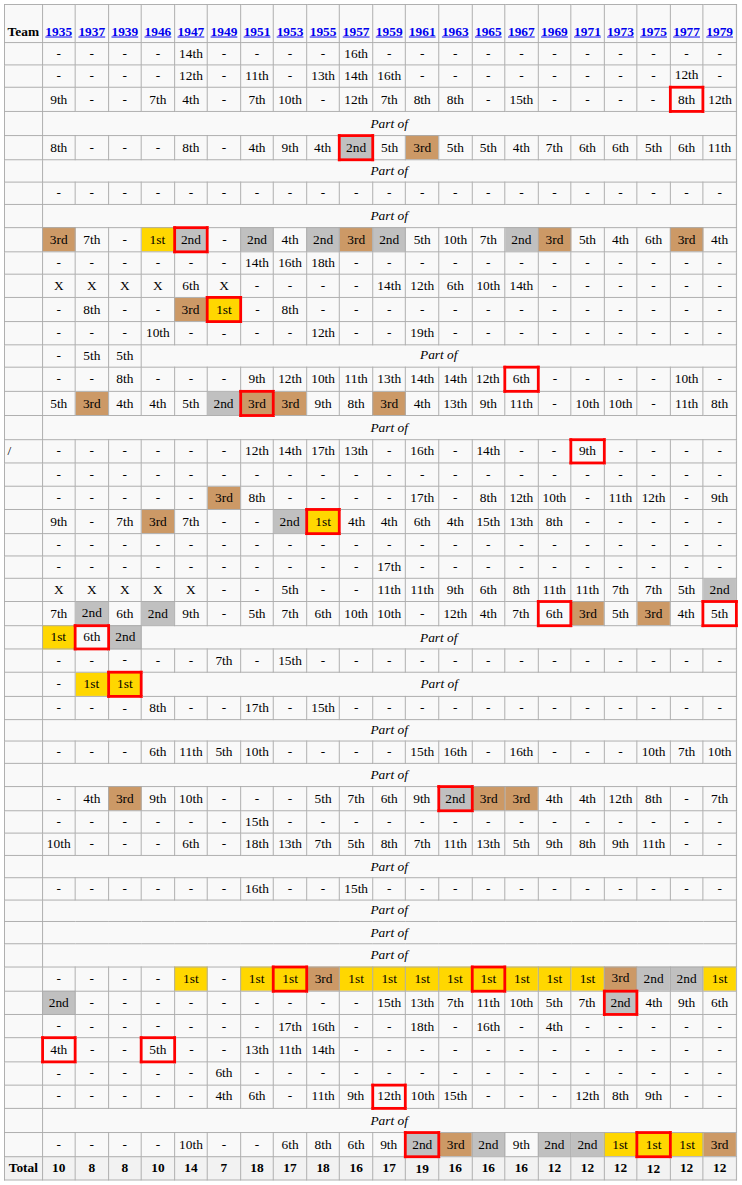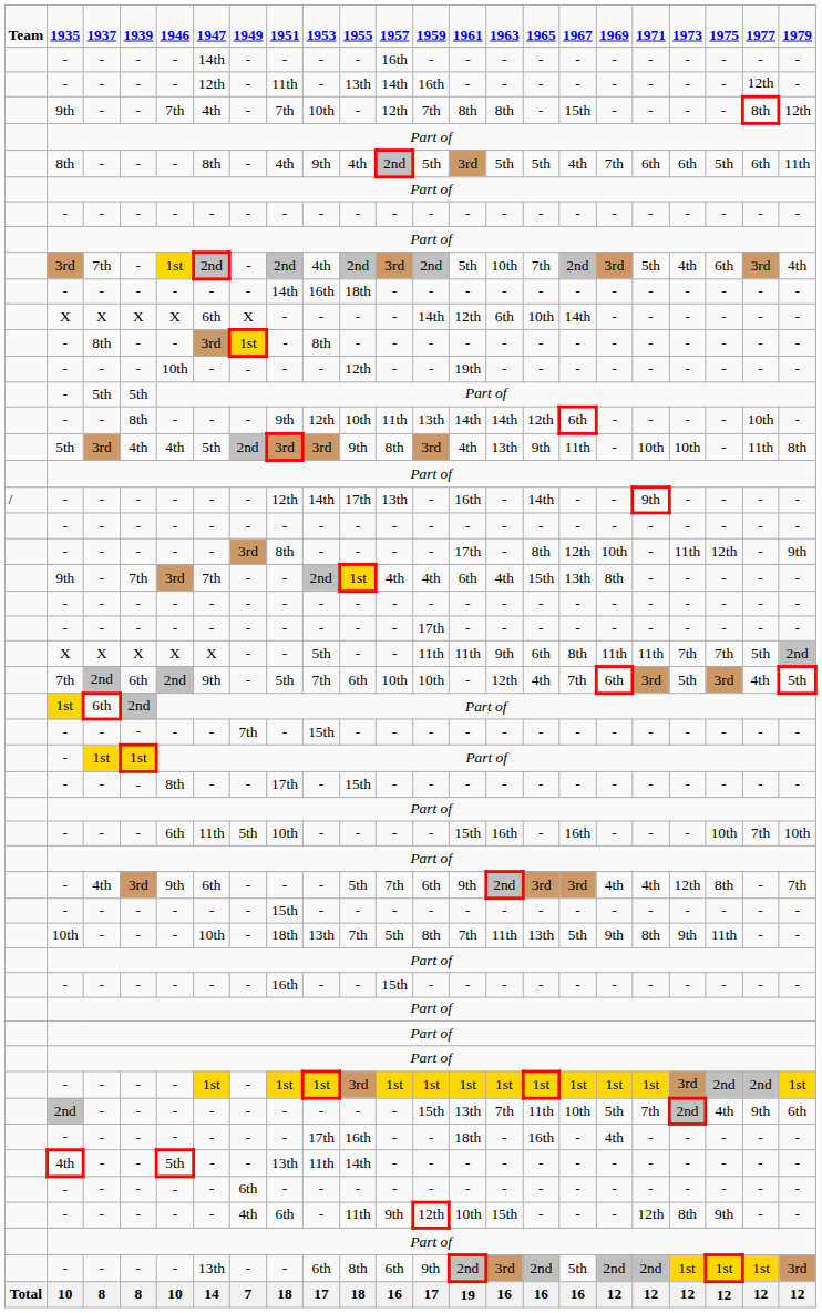 <table class="wikitable" style="text-align:center; font-size:90%">
 <tr valign=bottom>
 <td><strong>Team</strong></td>
 <td><strong><br><a href='#'>1935</a></strong></td>
 <td><strong><br><a href='#'>1937</a></strong></td>
 <td><strong><br><a href='#'>1939</a></strong></td>
 <td><strong><br><a href='#'>1946</a></strong></td>
 <td><strong><br><a href='#'>1947</a></strong></td>
 <td><strong><br><a href='#'>1949</a></strong></td>
 <td><strong><br><a href='#'>1951</a></strong></td>
 <td><strong><br><a href='#'>1953</a></strong></td>
 <td><strong><br><a href='#'>1955</a></strong></td>
 <td><strong><br><a href='#'>1957</a></strong></td>
 <td><strong><br><a href='#'>1959</a></strong></td>
 <td><strong><br><a href='#'>1961</a></strong></td>
 <td><strong><br><a href='#'>1963</a></strong></td>
 <td><strong><br><a href='#'>1965</a></strong></td>
 <td><strong><br><a href='#'>1967</a></strong></td>
 <td><strong><br><a href='#'>1969</a></strong></td>
 <td><strong><br><a href='#'>1971</a></strong></td>
 <td><strong><br><a href='#'>1973</a></strong></td>
 <td><strong><br><a href='#'>1975</a></strong></td>
 <td><strong><br><a href='#'>1977</a></strong></td>
 <td><strong><br><a href='#'>1979</a></strong></td>
 </tr>
 <tr>
 <td align=left></td>
 <td>-</td>
 <td>-</td>
 <td>-</td>
 <td>-</td>
 <td>14th</td>
 <td>-</td>
 <td>-</td>
 <td>-</td>
 <td>-</td>
 <td>16th</td>
 <td>-</td>
 <td>-</td>
 <td>-</td>
 <td>-</td>
 <td>-</td>
 <td>-</td>
 <td>-</td>
 <td>-</td>
 <td>-</td>
 <td>-</td>
 <td>-</td>
 </tr>
 <tr>
 <td align=left></td>
 <td>-</td>
 <td>-</td>
 <td>-</td>
 <td>-</td>
 <td>12th</td>
 <td>-</td>
 <td>11th</td>
 <td>-</td>
 <td>13th</td>
 <td>14th</td>
 <td>16th</td>
 <td>-</td>
 <td>-</td>
 <td>-</td>
 <td>-</td>
 <td>-</td>
 <td>-</td>
 <td>-</td>
 <td>-</td>
 <td>12th</td>
 <td>-</td>
 </tr>
 <tr>
 <td align=left></td>
 <td>9th</td>
 <td>-</td>
 <td>-</td>
 <td>7th</td>
 <td>4th</td>
 <td>-</td>
 <td>7th</td>
 <td>10th</td>
 <td>-</td>
 <td>12th</td>
 <td>7th</td>
 <td>8th</td>
 <td>8th</td>
 <td>-</td>
 <td>15th</td>
 <td>-</td>
 <td>-</td>
 <td>-</td>
 <td>-</td>
 <td style="border: 3px solid red">8th</td>
 <td>12th</td>
 </tr>
 <tr>
 <td align=left></td>
 <td colspan="21" style="text-align:center;"><em>Part of </em></td>
 </tr>
 <tr>
 <td align=left></td>
 <td>8th</td>
 <td>-</td>
 <td>-</td>
 <td>-</td>
 <td>8th</td>
 <td>-</td>
 <td>4th</td>
 <td>9th</td>
 <td>4th</td>
 <td style="border:3px solid red; background:silver;">2nd</td>
 <td>5th</td>
 <td style="background:#c96;">3rd</td>
 <td>5th</td>
 <td>5th</td>
 <td>4th</td>
 <td>7th</td>
 <td>6th</td>
 <td>6th</td>
 <td>5th</td>
 <td>6th</td>
 <td>11th</td>
 </tr>
 <tr>
 <td align=left></td>
 <td colspan="21" style="text-align:center;"><em>Part of </em></td>
 </tr>
 <tr>
 <td align=left></td>
 <td>-</td>
 <td>-</td>
 <td>-</td>
 <td>-</td>
 <td>-</td>
 <td>-</td>
 <td>-</td>
 <td>-</td>
 <td>-</td>
 <td>-</td>
 <td>-</td>
 <td>-</td>
 <td>-</td>
 <td>-</td>
 <td>-</td>
 <td>-</td>
 <td>-</td>
 <td>-</td>
 <td>-</td>
 <td>-</td>
 <td>-</td>
 </tr>
 <tr>
 <td align=left></td>
 <td colspan="21" style="text-align:center;"><em>Part of </em></td>
 </tr>
 <tr>
 <td align=left></td>
 <td style="background:#c96;">3rd</td>
 <td>7th</td>
 <td>-</td>
 <td bgcolor=gold>1st</td>
 <td style="border:3px solid red; background:silver;">2nd</td>
 <td>-</td>
 <td style="background:silver;">2nd</td>
 <td>4th</td>
 <td style="background:silver;">2nd</td>
 <td style="background:#c96;">3rd</td>
 <td style="background:silver;">2nd</td>
 <td>5th</td>
 <td>10th</td>
 <td>7th</td>
 <td style="background:silver;">2nd</td>
 <td style="background:#c96;">3rd</td>
 <td>5th</td>
 <td>4th</td>
 <td>6th</td>
 <td style="background:#c96;">3rd</td>
 <td>4th</td>
 </tr>
 <tr>
 <td align=left></td>
 <td>-</td>
 <td>-</td>
 <td>-</td>
 <td>-</td>
 <td>-</td>
 <td>-</td>
 <td>14th</td>
 <td>16th</td>
 <td>18th</td>
 <td>-</td>
 <td>-</td>
 <td>-</td>
 <td>-</td>
 <td>-</td>
 <td>-</td>
 <td>-</td>
 <td>-</td>
 <td>-</td>
 <td>-</td>
 <td>-</td>
 <td>-</td>
 </tr>
 <tr>
 <td align=left></td>
 <td>X</td>
 <td>X</td>
 <td>X</td>
 <td>X</td>
 <td>6th</td>
 <td>X</td>
 <td>-</td>
 <td>-</td>
 <td>-</td>
 <td>-</td>
 <td>14th</td>
 <td>12th</td>
 <td>6th</td>
 <td>10th</td>
 <td>14th</td>
 <td>-</td>
 <td>-</td>
 <td>-</td>
 <td>-</td>
 <td>-</td>
 <td>-</td>
 </tr>
 <tr>
 <td align=left></td>
 <td>-</td>
 <td>8th</td>
 <td>-</td>
 <td>-</td>
 <td style="background:#c96;">3rd</td>
 <td style="border:3px solid red; background:gold;">1st</td>
 <td>-</td>
 <td>8th</td>
 <td>-</td>
 <td>-</td>
 <td>-</td>
 <td>-</td>
 <td>-</td>
 <td>-</td>
 <td>-</td>
 <td>-</td>
 <td>-</td>
 <td>-</td>
 <td>-</td>
 <td>-</td>
 <td>-</td>
 </tr>
 <tr>
 <td align=left></td>
 <td>-</td>
 <td>-</td>
 <td>-</td>
 <td>10th</td>
 <td>-</td>
 <td>-</td>
 <td>-</td>
 <td>-</td>
 <td>12th</td>
 <td>-</td>
 <td>-</td>
 <td>19th</td>
 <td>-</td>
 <td>-</td>
 <td>-</td>
 <td>-</td>
 <td>-</td>
 <td>-</td>
 <td>-</td>
 <td>-</td>
 <td>-</td>
 </tr>
 <tr>
 <td align=left></td>
 <td>-</td>
 <td>5th</td>
 <td>5th</td>
 <td colspan=18><em>Part of </em></td>
 </tr>
 <tr>
 <td align=left></td>
 <td>-</td>
 <td>-</td>
 <td>8th</td>
 <td>-</td>
 <td>-</td>
 <td>-</td>
 <td>9th</td>
 <td>12th</td>
 <td>10th</td>
 <td>11th</td>
 <td>13th</td>
 <td>14th</td>
 <td>14th</td>
 <td>12th</td>
 <td style="border: 3px solid red">6th</td>
 <td>-</td>
 <td>-</td>
 <td>-</td>
 <td>-</td>
 <td>10th</td>
 <td>-</td>
 </tr>
 <tr>
 <td align=left></td>
 <td>5th</td>
 <td style="background:#c96;">3rd</td>
 <td>4th</td>
 <td>4th</td>
 <td>5th</td>
 <td style="background:silver;">2nd</td>
 <td style="border:3px solid red; background:#c96;">3rd</td>
 <td style="background:#c96;">3rd</td>
 <td>9th</td>
 <td>8th</td>
 <td style="background:#c96;">3rd</td>
 <td>4th</td>
 <td>13th</td>
 <td>9th</td>
 <td>11th</td>
 <td>-</td>
 <td>10th</td>
 <td>10th</td>
 <td>-</td>
 <td>11th</td>
 <td>8th</td>
 </tr>
 <tr>
 <td align=left></td>
 <td colspan=21><em>Part of </em></td>
 </tr>
 <tr>
 <td align=left>/<br></td>
 <td>-</td>
 <td>-</td>
 <td>-</td>
 <td>-</td>
 <td>-</td>
 <td>-</td>
 <td>12th</td>
 <td>14th</td>
 <td>17th</td>
 <td>13th</td>
 <td>-</td>
 <td>16th</td>
 <td>-</td>
 <td>14th</td>
 <td>-</td>
 <td>-</td>
 <td style="border: 3px solid red">9th</td>
 <td>-</td>
 <td>-</td>
 <td>-</td>
 <td>-</td>
 </tr>
 <tr>
 <td align=left></td>
 <td>-</td>
 <td>-</td>
 <td>-</td>
 <td>-</td>
 <td>-</td>
 <td>-</td>
 <td>-</td>
 <td>-</td>
 <td>-</td>
 <td>-</td>
 <td>-</td>
 <td>-</td>
 <td>-</td>
 <td>-</td>
 <td>-</td>
 <td>-</td>
 <td>-</td>
 <td>-</td>
 <td>-</td>
 <td>-</td>
 <td>-</td>
 </tr>
 <tr>
 <td align=left></td>
 <td>-</td>
 <td>-</td>
 <td>-</td>
 <td>-</td>
 <td>-</td>
 <td style="background:#c96;">3rd</td>
 <td>8th</td>
 <td>-</td>
 <td>-</td>
 <td>-</td>
 <td>-</td>
 <td>17th</td>
 <td>-</td>
 <td>8th</td>
 <td>12th</td>
 <td>10th</td>
 <td>-</td>
 <td>11th</td>
 <td>12th</td>
 <td>-</td>
 <td>9th</td>
 </tr>
 <tr>
 <td align=left></td>
 <td>9th</td>
 <td>-</td>
 <td>7th</td>
 <td style="background:#c96;">3rd</td>
 <td>7th</td>
 <td>-</td>
 <td>-</td>
 <td style="background:silver;">2nd</td>
 <td style="border:3px solid red; background:gold;">1st</td>
 <td>4th</td>
 <td>4th</td>
 <td>6th</td>
 <td>4th</td>
 <td>15th</td>
 <td>13th</td>
 <td>8th</td>
 <td>-</td>
 <td>-</td>
 <td>-</td>
 <td>-</td>
 <td>-</td>
 </tr>
 <tr>
 <td align=left></td>
 <td>-</td>
 <td>-</td>
 <td>-</td>
 <td>-</td>
 <td>-</td>
 <td>-</td>
 <td>-</td>
 <td>-</td>
 <td>-</td>
 <td>-</td>
 <td>-</td>
 <td>-</td>
 <td>-</td>
 <td>-</td>
 <td>-</td>
 <td>-</td>
 <td>-</td>
 <td>-</td>
 <td>-</td>
 <td>-</td>
 <td>-</td>
 </tr>
 <tr>
 <td align=left></td>
 <td>-</td>
 <td>-</td>
 <td>-</td>
 <td>-</td>
 <td>-</td>
 <td>-</td>
 <td>-</td>
 <td>-</td>
 <td>-</td>
 <td>-</td>
 <td>17th</td>
 <td>-</td>
 <td>-</td>
 <td>-</td>
 <td>-</td>
 <td>-</td>
 <td>-</td>
 <td>-</td>
 <td>-</td>
 <td>-</td>
 <td>-</td>
 </tr>
 <tr>
 <td align=left></td>
 <td>X</td>
 <td>X</td>
 <td>X</td>
 <td>X</td>
 <td>X</td>
 <td>-</td>
 <td>-</td>
 <td>5th</td>
 <td>-</td>
 <td>-</td>
 <td>11th</td>
 <td>11th</td>
 <td>9th</td>
 <td>6th</td>
 <td>8th</td>
 <td>11th</td>
 <td>11th</td>
 <td>7th</td>
 <td>7th</td>
 <td>5th</td>
 <td style="background:silver;">2nd</td>
 </tr>
 <tr>
 <td align=left></td>
 <td>7th</td>
 <td style="background:silver;">2nd</td>
 <td>6th</td>
 <td style="background:silver;">2nd</td>
 <td>9th</td>
 <td>-</td>
 <td>5th</td>
 <td>7th</td>
 <td>6th</td>
 <td>10th</td>
 <td>10th</td>
 <td>-</td>
 <td>12th</td>
 <td>4th</td>
 <td>7th</td>
 <td style="border: 3px solid red">6th</td>
 <td style="background:#c96;">3rd</td>
 <td>5th</td>
 <td style="background:#c96;">3rd</td>
 <td>4th</td>
 <td style="border:3px solid red;">5th</td>
 </tr>
 <tr>
 <td align=left></td>
 <td bgcolor=gold>1st</td>
 <td style="border: 3px solid red">6th</td>
 <td style="background:silver;">2nd</td>
 <td colspan=18><em>Part of </em></td>
 </tr>
 <tr>
 <td align=left></td>
 <td>-</td>
 <td>-</td>
 <td>-</td>
 <td>-</td>
 <td>-</td>
 <td>7th</td>
 <td>-</td>
 <td>15th</td>
 <td>-</td>
 <td>-</td>
 <td>-</td>
 <td>-</td>
 <td>-</td>
 <td>-</td>
 <td>-</td>
 <td>-</td>
 <td>-</td>
 <td>-</td>
 <td>-</td>
 <td>-</td>
 <td>-</td>
 </tr>
 <tr>
 <td align=left></td>
 <td>-</td>
 <td bgcolor=gold>1st</td>
 <td style="border:3px solid red; background:gold;">1st</td>
 <td colspan=18><em>Part of </em></td>
 </tr>
 <tr>
 <td align=left></td>
 <td>-</td>
 <td>-</td>
 <td>-</td>
 <td>8th</td>
 <td>-</td>
 <td>-</td>
 <td>17th</td>
 <td>-</td>
 <td>15th</td>
 <td>-</td>
 <td>-</td>
 <td>-</td>
 <td>-</td>
 <td>-</td>
 <td>-</td>
 <td>-</td>
 <td>-</td>
 <td>-</td>
 <td>-</td>
 <td>-</td>
 <td>-</td>
 </tr>
 <tr>
 <td align=left></td>
 <td colspan="21" style="text-align:center;"><em>Part of </em></td>
 </tr>
 <tr>
 <td align=left></td>
 <td>-</td>
 <td>-</td>
 <td>-</td>
 <td>6th</td>
 <td>11th</td>
 <td>5th</td>
 <td>10th</td>
 <td>-</td>
 <td>-</td>
 <td>-</td>
 <td>-</td>
 <td>15th</td>
 <td>16th</td>
 <td>-</td>
 <td>16th</td>
 <td>-</td>
 <td>-</td>
 <td>-</td>
 <td>10th</td>
 <td>7th</td>
 <td>10th</td>
 </tr>
 <tr>
 <td align=left></td>
 <td colspan="21" style="text-align:center;"><em>Part of </em></td>
 </tr>
 <tr>
 <td align=left></td>
 <td>-</td>
 <td>4th</td>
 <td style="background:#c96;">3rd</td>
 <td>9th</td>
-<td>10th</td>
+<td>6th</td>
 <td>-</td>
 <td>-</td>
 <td>-</td>
 <td>5th</td>
 <td>7th</td>
 <td>6th</td>
 <td>9th</td>
 <td style="border:3px solid red; background:silver;">2nd</td>
 <td style="background:#c96;">3rd</td>
 <td style="background:#c96;">3rd</td>
 <td>4th</td>
 <td>4th</td>
 <td>12th</td>
 <td>8th</td>
 <td>-</td>
 <td>7th</td>
 </tr>
 <tr>
 <td align=left></td>
 <td>-</td>
 <td>-</td>
 <td>-</td>
 <td>-</td>
 <td>-</td>
 <td>-</td>
 <td>15th</td>
 <td>-</td>
 <td>-</td>
 <td>-</td>
 <td>-</td>
 <td>-</td>
 <td>-</td>
 <td>-</td>
 <td>-</td>
 <td>-</td>
 <td>-</td>
 <td>-</td>
 <td>-</td>
 <td>-</td>
 <td>-</td>
 </tr>
 <tr>
 <td align=left></td>
 <td>10th</td>
 <td>-</td>
 <td>-</td>
 <td>-</td>
-<td>6th</td>
+<td>10th</td>
 <td>-</td>
 <td>18th</td>
 <td>13th</td>
 <td>7th</td>
 <td>5th</td>
 <td>8th</td>
 <td>7th</td>
 <td>11th</td>
 <td>13th</td>
 <td>5th</td>
 <td>9th</td>
 <td>8th</td>
 <td>9th</td>
 <td>11th</td>
 <td>-</td>
 <td>-</td>
 </tr>
 <tr>
 <td align=left></td>
 <td colspan=21><em>Part of </em></td>
 </tr>
 <tr>
 <td align=left></td>
 <td>-</td>
 <td>-</td>
 <td>-</td>
 <td>-</td>
 <td>-</td>
 <td>-</td>
 <td>16th</td>
 <td>-</td>
 <td>-</td>
 <td>15th</td>
 <td>-</td>
 <td>-</td>
 <td>-</td>
 <td>-</td>
 <td>-</td>
 <td>-</td>
 <td>-</td>
 <td>-</td>
 <td>-</td>
 <td>-</td>
 <td>-</td>
 </tr>
 <tr>
 <td align=left></td>
 <td colspan="21" style="text-align:center;"><em>Part of </em></td>
 </tr>
 <tr>
 <td align=left></td>
 <td colspan="21"><em>Part of </em></td>
 </tr>
 <tr>
 <td align=left></td>
 <td colspan="21" style="text-align:center;"><em>Part of </em></td>
 </tr>
 <tr>
 <td align=left></td>
 <td>-</td>
 <td>-</td>
 <td>-</td>
 <td>-</td>
 <td bgcolor=gold>1st</td>
 <td>-</td>
 <td bgcolor=gold>1st</td>
 <td style="border:3px solid red; background:gold;">1st</td>
 <td style="background:#c96;">3rd</td>
 <td bgcolor=gold>1st</td>
 <td bgcolor=gold>1st</td>
 <td bgcolor=gold>1st</td>
 <td bgcolor=gold>1st</td>
 <td style="border:3px solid red; background:gold;">1st</td>
 <td bgcolor=gold>1st</td>
 <td bgcolor=gold>1st</td>
 <td bgcolor=gold>1st</td>
 <td style="background:#c96;">3rd</td>
 <td style="background:silver;">2nd</td>
 <td style="background:silver;">2nd</td>
 <td bgcolor=gold>1st</td>
 </tr>
 <tr>
 <td align=left></td>
 <td style="background:silver;">2nd</td>
 <td>-</td>
 <td>-</td>
 <td>-</td>
 <td>-</td>
 <td>-</td>
 <td>-</td>
 <td>-</td>
 <td>-</td>
 <td>-</td>
 <td>15th</td>
 <td>13th</td>
 <td>7th</td>
 <td>11th</td>
 <td>10th</td>
 <td>5th</td>
 <td>7th</td>
 <td style="border:3px solid red; background:silver;">2nd</td>
 <td>4th</td>
 <td>9th</td>
 <td>6th</td>
 </tr>
 <tr>
 <td align=left></td>
 <td>-</td>
 <td>-</td>
 <td>-</td>
 <td>-</td>
 <td>-</td>
 <td>-</td>
 <td>-</td>
 <td>17th</td>
 <td>16th</td>
 <td>-</td>
 <td>-</td>
 <td>18th</td>
 <td>-</td>
 <td>16th</td>
 <td>-</td>
 <td>4th</td>
 <td>-</td>
 <td>-</td>
 <td>-</td>
 <td>-</td>
 <td>-</td>
 </tr>
 <tr>
 <td align=left></td>
 <td style="border: 3px solid red">4th</td>
 <td>-</td>
 <td>-</td>
 <td style="border: 3px solid red">5th</td>
 <td>-</td>
 <td>-</td>
 <td>13th</td>
 <td>11th</td>
 <td>14th</td>
 <td>-</td>
 <td>-</td>
 <td>-</td>
 <td>-</td>
 <td>-</td>
 <td>-</td>
 <td>-</td>
 <td>-</td>
 <td>-</td>
 <td>-</td>
 <td>-</td>
 <td>-</td>
 </tr>
 <tr>
 <td align=left></td>
 <td>-</td>
 <td>-</td>
 <td>-</td>
 <td>-</td>
 <td>-</td>
 <td>6th</td>
 <td>-</td>
 <td>-</td>
 <td>-</td>
 <td>-</td>
 <td>-</td>
 <td>-</td>
 <td>-</td>
 <td>-</td>
 <td>-</td>
 <td>-</td>
 <td>-</td>
 <td>-</td>
 <td>-</td>
 <td>-</td>
 <td>-</td>
 </tr>
 <tr>
 <td align=left></td>
 <td>-</td>
 <td>-</td>
 <td>-</td>
 <td>-</td>
 <td>-</td>
 <td>4th</td>
 <td>6th</td>
 <td>-</td>
 <td>11th</td>
 <td>9th</td>
 <td style="border: 3px solid red">12th</td>
 <td>10th</td>
 <td>15th</td>
 <td>-</td>
 <td>-</td>
 <td>-</td>
 <td>12th</td>
 <td>8th</td>
 <td>9th</td>
 <td>-</td>
 <td>-</td>
 </tr>
 <tr>
 <td align=left></td>
 <td colspan=21><em>Part of </em></td>
 </tr>
 <tr>
 <td align=left></td>
 <td>-</td>
 <td>-</td>
 <td>-</td>
 <td>-</td>
-<td>10th</td>
+<td>13th</td>
 <td>-</td>
 <td>-</td>
 <td>6th</td>
 <td>8th</td>
 <td>6th</td>
 <td>9th</td>
 <td style="border:3px solid red; background:silver;">2nd</td>
 <td style="background:#c96;">3rd</td>
 <td style="background:silver;">2nd</td>
-<td>9th</td>
+<td>5th</td>
 <td style="background:silver;">2nd</td>
 <td style="background:silver;">2nd</td>
 <td bgcolor=gold>1st</td>
 <td style="border:3px solid red; background:gold;">1st</td>
 <td bgcolor=gold>1st</td>
 <td style="background:#c96;">3rd</td>
 </tr>
 <tr>
 <th>Total</th>
 <th>10</th>
 <th>8</th>
 <th>8</th>
 <th>10</th>
 <th>14</th>
 <th>7</th>
 <th>18</th>
 <th>17</th>
 <th>18</th>
 <th>16</th>
 <th>17</th>
 <th>19</th>
 <th>16</th>
 <th>16</th>
 <th>16</th>
 <th>12</th>
 <th>12</th>
 <th>12</th>
 <th>12</th>
 <th>12</th>
 <th>12</th>
 </tr>
 </table>
